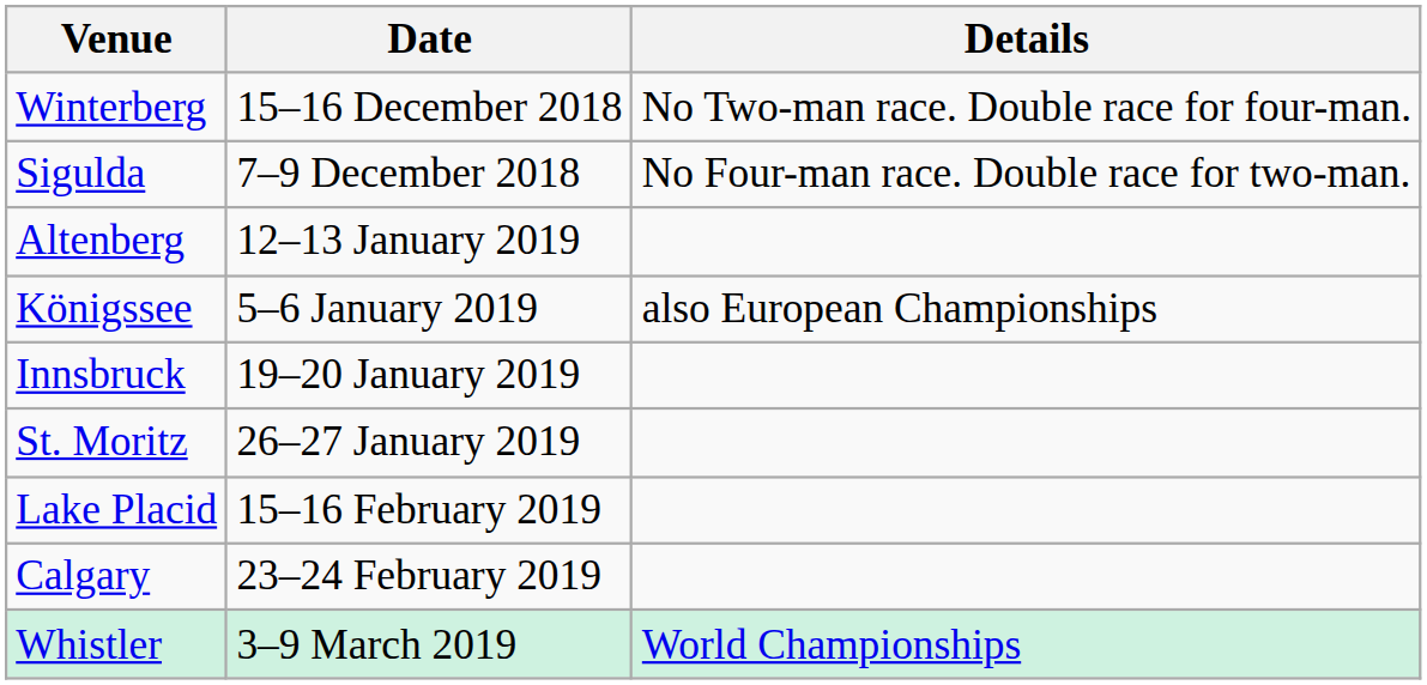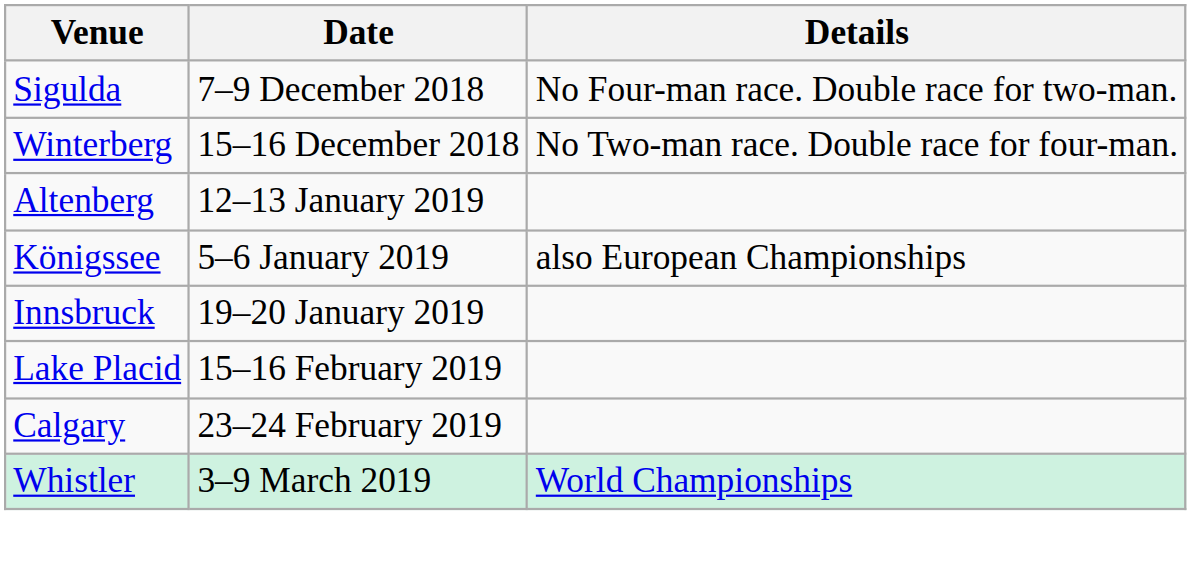 <table class= wikitable>
 <tr>
 <th>Venue</th>
 <th>Date</th>
 <th>Details</th>
 </tr>
 <tr>
+<td> <a href='#'>Sigulda</a></td>
+<td>7–9 December 2018</td>
+<td>No Four-man race. Double race for two-man.</td>
+</tr>
+<tr>
 <td> <a href='#'>Winterberg</a></td>
 <td>15–16 December 2018</td>
 <td>No Two-man race. Double race for four-man.</td>
-</tr>
-<tr>
-<td> <a href='#'>Sigulda</a></td>
-<td>7–9 December 2018</td>
-<td>No Four-man race. Double race for two-man.</td>
 </tr>
 <tr>
 <td> <a href='#'>Altenberg</a></td>
 <td>12–13 January 2019</td>
 <td></td>
 </tr>
 <tr>
 <td> <a href='#'>Königssee</a></td>
 <td>5–6 January 2019</td>
 <td>also European Championships</td>
 </tr>
 <tr>
 <td> <a href='#'>Innsbruck</a></td>
 <td>19–20 January 2019</td>
-<td></td>
-</tr>
-<tr>
-<td> <a href='#'>St. Moritz</a></td>
-<td>26–27 January 2019</td>
 <td></td>
 </tr>
 <tr>
 <td> <a href='#'>Lake Placid</a></td>
 <td>15–16 February 2019</td>
 <td></td>
 </tr>
 <tr>
 <td> <a href='#'>Calgary</a></td>
 <td>23–24 February 2019</td>
 <td></td>
 </tr>
 <tr style="background:#CEF2E0">
 <td> <a href='#'>Whistler</a></td>
 <td>3–9 March 2019</td>
 <td><a href='#'>World Championships</a></td>
 </tr>
 </table>
